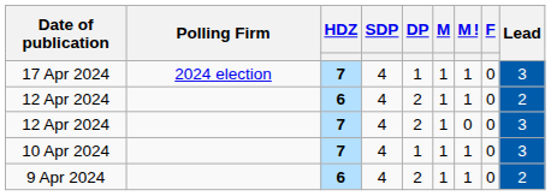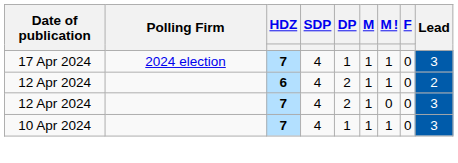 <table class="wikitable sortable" style="text-align:center; font-size:90%; line-height:16px;">
 <tr style="height:42px;">
 <th style="width:100px;" rowspan="2">Date of publication</th>
 <th style="width:165px;" rowspan="2">Polling Firm</th>
 <th><a href='#'>HDZ</a></th>
 <th><a href='#'>SDP</a></th>
 <th><a href='#'>DP</a></th>
 <th><a href='#'>M</a></th>
 <th style="letter-spacing:-1px;"><a href='#'>M !</a></th>
 <th><a href='#'>F</a></th>
 <th class="unsortable" style="width:20px;" rowspan="2">Lead</th>
 </tr>
 <tr>
 <th style="color:inherit;background:"></th>
 <th data-sort-type="number" style="color:inherit;background:"></th>
 <th style="color:inherit;background:"></th>
 <th style="color:inherit;background:"></th>
 <th style="color:inherit;background:"></th>
 <th style="color:inherit;background:"></th>
 </tr>
 <tr>
 <td>17 Apr 2024</td>
 <td><a href='#'>2024 election</a></td>
 <td style="background:#B3E0FF"><strong>7</strong></td>
 <td>4</td>
 <td>1</td>
 <td>1</td>
 <td>1</td>
 <td>0</td>
 <td style="background:#005BAA; color: white">3</td>
 </tr>
 <tr>
 <td>12 Apr 2024</td>
 <td></td>
 <td style="background:#B3E0FF"><strong>6</strong></td>
 <td>4</td>
 <td>2</td>
 <td>1</td>
 <td>1</td>
 <td>0</td>
 <td style="background:#005BAA; color: white">2</td>
 </tr>
 <tr>
 <td>12 Apr 2024</td>
 <td></td>
 <td style="background:#B3E0FF"><strong>7</strong></td>
 <td>4</td>
 <td>2</td>
 <td>1</td>
 <td>0</td>
 <td>0</td>
 <td style="background:#005BAA; color: white">3</td>
 </tr>
 <tr>
 <td>10 Apr 2024</td>
 <td></td>
 <td style="background:#B3E0FF"><strong>7</strong></td>
 <td>4</td>
 <td>1</td>
 <td>1</td>
 <td>1</td>
 <td>0</td>
 <td style="background:#005BAA; color: white">3</td>
 </tr>
-<tr>
-<td>9 Apr 2024</td>
-<td></td>
-<td style="background:#B3E0FF"><strong>6</strong></td>
-<td>4</td>
-<td>2</td>
-<td>1</td>
-<td>1</td>
-<td>0</td>
-<td style="background:#005BAA; color: white">2</td>
-</tr>
 </table>
